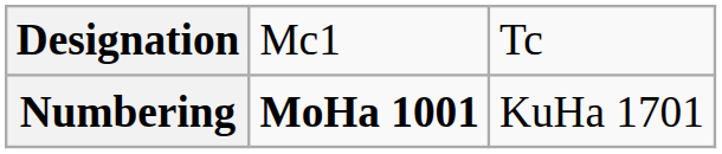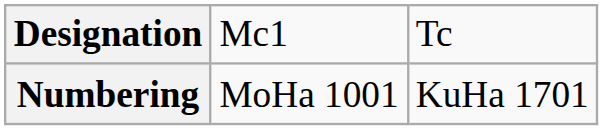 <table class="wikitable">
 <tr>
 <th>Designation</th>
 <td>Mc1</td>
 <td>Tc</td>
 </tr>
 <tr>
 <th>Numbering</th>
-<td><strong>MoHa 1001</strong></td>
+<td>MoHa 1001</td>
 <td>KuHa 1701</td>
 </tr>
 </table>
